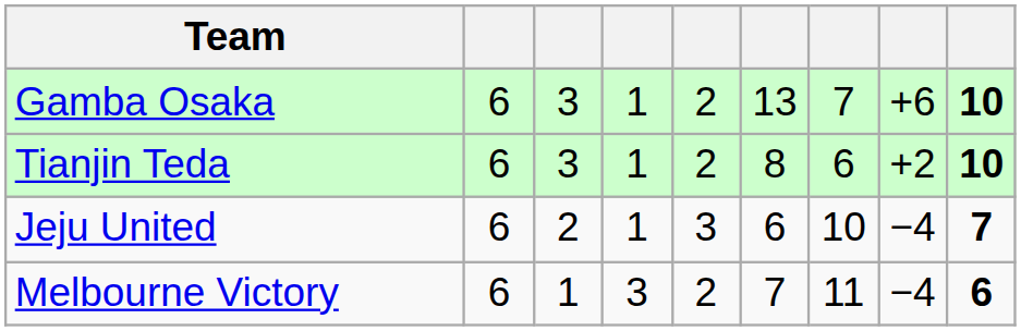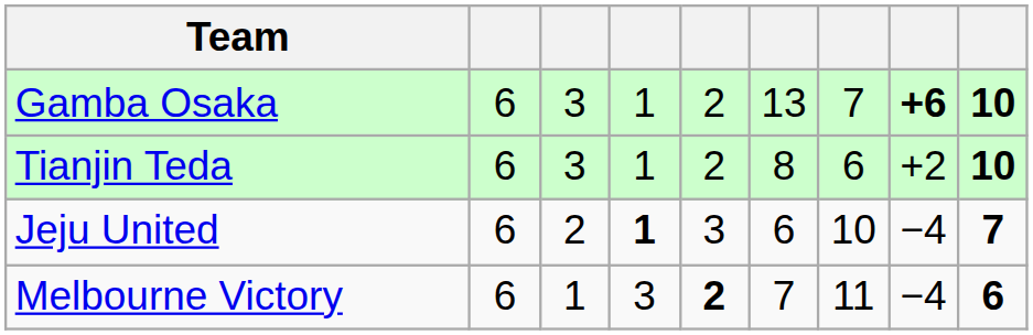 <table class="wikitable" style="text-align:center;">
 <tr>
 <th width=175>Team</th>
 <th width=20></th>
 <th width=20></th>
 <th width=20></th>
 <th width=20></th>
 <th width=20></th>
 <th width=20></th>
 <th width=20></th>
 <th width=20></th>
 </tr>
 <tr bgcolor=#ccffcc>
 <td align=left> <a href='#'>Gamba Osaka</a></td>
 <td>6</td>
 <td>3</td>
 <td>1</td>
 <td>2</td>
 <td>13</td>
 <td>7</td>
-<td>+6</td>
+<td><strong>+6</strong></td>
 <td><strong>10</strong></td>
 </tr>
 <tr bgcolor=#ccffcc>
 <td align=left> <a href='#'>Tianjin Teda</a></td>
 <td>6</td>
 <td>3</td>
 <td>1</td>
 <td>2</td>
 <td>8</td>
 <td>6</td>
 <td>+2</td>
 <td><strong>10</strong></td>
 </tr>
 <tr>
 <td align=left> <a href='#'>Jeju United</a></td>
 <td>6</td>
 <td>2</td>
-<td>1</td>
+<td><strong>1</strong></td>
 <td>3</td>
 <td>6</td>
 <td>10</td>
 <td>−4</td>
 <td><strong>7</strong></td>
 </tr>
 <tr>
 <td align=left> <a href='#'>Melbourne Victory</a></td>
 <td>6</td>
 <td>1</td>
 <td>3</td>
-<td>2</td>
+<td><strong>2</strong></td>
 <td>7</td>
 <td>11</td>
 <td>−4</td>
 <td><strong>6</strong></td>
 </tr>
 </table>
